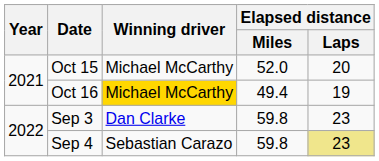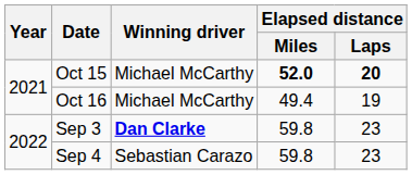 <table class="wikitable" style="font-size: 95%;">
 <tr>
 <th rowspan="2" style="text-align:center">Year</th>
 <th rowspan="2" style="text-align:center">Date</th>
 <th rowspan="2" style="text-align:center">Winning driver</th>
 <th colspan="2" style="text-align:center">Elapsed distance</th>
 </tr>
 <tr>
 <th style="text-align:center">Miles</th>
 <th style="text-align:center">Laps</th>
 </tr>
 <tr>
 <td rowspan="2">2021</td>
 <td>Oct 15</td>
 <td> Michael McCarthy</td>
-<td style="text-align:center">52.0</td>
-<td style="text-align:center">20</td>
+<td style="text-align:center"><strong>52.0</strong></td>
+<td style="text-align:center"><strong>20</strong></td>
 </tr>
 <tr>
 <td>Oct 16</td>
-<td style="background: gold;"> Michael McCarthy</td>
+<td> Michael McCarthy</td>
 <td style="text-align:center">49.4</td>
 <td style="text-align:center">19</td>
 </tr>
 <tr>
 <td rowspan="2">2022</td>
 <td>Sep 3</td>
-<td> <a href='#'>Dan Clarke</a></td>
+<td><strong> <a href='#'>Dan Clarke</a></strong></td>
 <td style="text-align:center">59.8</td>
 <td style="text-align:center">23</td>
 </tr>
 <tr>
 <td>Sep 4</td>
 <td> Sebastian Carazo</td>
 <td style="text-align:center">59.8</td>
-<td style="background: khaki; text-align:center">23</td>
+<td style="text-align:center">23</td>
 </tr>
 </table>
